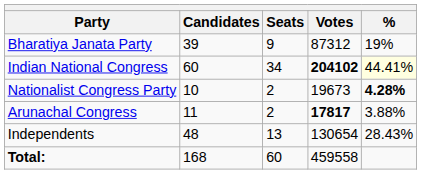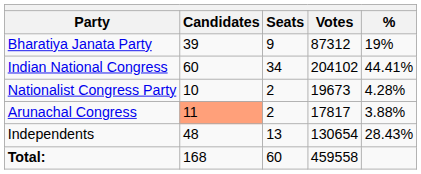 <table class="wikitable sortable">
 <tr>
 <th colspan=8></th>
 </tr>
 <tr>
 <th>Party</th>
 <th>Candidates</th>
 <th>Seats</th>
 <th>Votes</th>
 <th>%</th>
 </tr>
 <tr>
 <td><a href='#'>Bharatiya Janata Party</a></td>
 <td>39</td>
 <td>9</td>
 <td>87312</td>
 <td>19%</td>
 </tr>
 <tr>
 <td><a href='#'>Indian National Congress</a></td>
 <td>60</td>
 <td>34</td>
-<td><strong>204102</strong></td>
-<td style="background: lightyellow;">44.41%</td>
+<td>204102</td>
+<td>44.41%</td>
 </tr>
 <tr>
 <td><a href='#'>Nationalist Congress Party</a></td>
 <td>10</td>
 <td>2</td>
 <td>19673</td>
-<td><strong>4.28%</strong></td>
+<td>4.28%</td>
 </tr>
 <tr>
 <td><a href='#'>Arunachal Congress</a></td>
-<td>11</td>
+<td style="background: lightsalmon;">11</td>
 <td>2</td>
-<td><strong>17817</strong></td>
+<td>17817</td>
 <td>3.88%</td>
 </tr>
 <tr>
 <td>Independents</td>
 <td>48</td>
 <td>13</td>
 <td>130654</td>
 <td>28.43%</td>
 </tr>
 <tr>
 <td><strong>Total:</strong></td>
 <td>168</td>
 <td>60</td>
 <td>459558</td>
 <td></td>
 </tr>
 </table>
